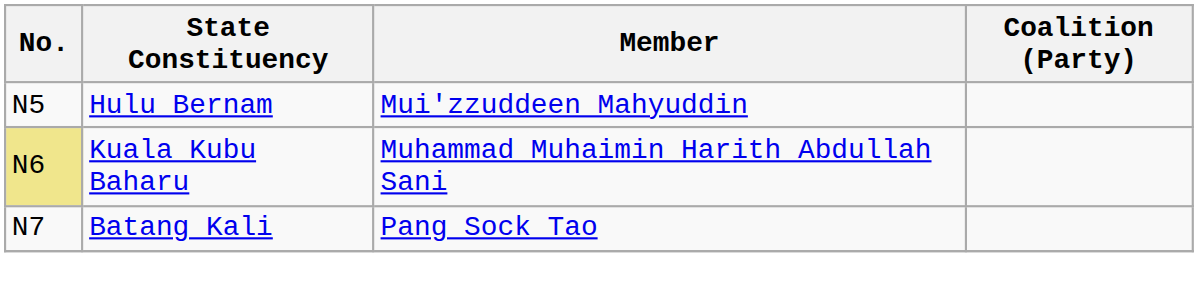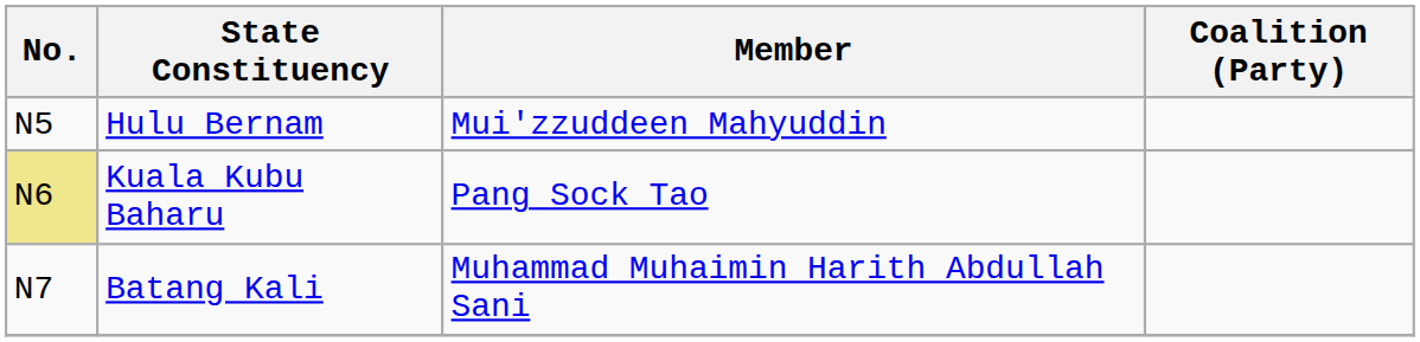 <table class="wikitable">
 <tr>
 <th width="30">No.</th>
 <th width="130">State Constituency</th>
 <th width="270">Member</th>
 <th width="100">Coalition (Party)</th>
 </tr>
 <tr>
 <td>N5</td>
 <td><a href='#'>Hulu Bernam</a></td>
 <td><a href='#'>Mui'zzuddeen Mahyuddin</a></td>
 <td></td>
 </tr>
 <tr>
 <td style="background: khaki;">N6</td>
 <td><a href='#'>Kuala Kubu Baharu</a></td>
-<td><a href='#'>Muhammad Muhaimin Harith Abdullah Sani</a></td>
+<td><a href='#'>Pang Sock Tao</a></td>
 <td></td>
 </tr>
 <tr>
 <td>N7</td>
 <td><a href='#'>Batang Kali</a></td>
-<td><a href='#'>Pang Sock Tao</a></td>
+<td><a href='#'>Muhammad Muhaimin Harith Abdullah Sani</a></td>
 <td></td>
 </tr>
 <tr>
 </tr>
 </table>
